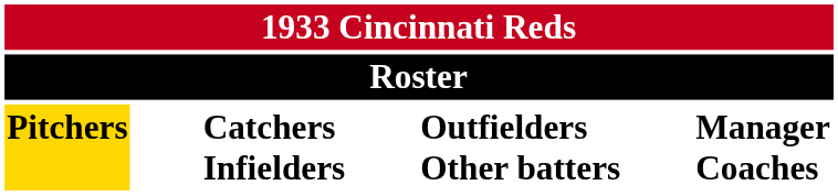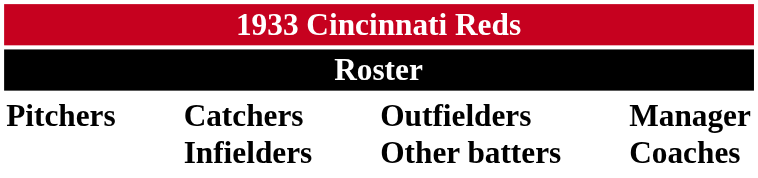 <table class="toccolours" style="font-size: 95%;">
 <tr>
 <th colspan="10" style="background-color: #c6011f; color: white; text-align: center;">1933 Cincinnati Reds</th>
 </tr>
 <tr>
 <td colspan="10" style="background-color: black; color: white; text-align: center;"><strong>Roster</strong></td>
 </tr>
 <tr>
-<td valign="top" style="background: gold;"><strong>Pitchers</strong><br>         </td>
+<td valign="top"><strong>Pitchers</strong><br>         </td>
 <td width="25px"></td>
 <td valign="top"><strong>Catchers</strong><br>    <strong>Infielders</strong>         </td>
 <td width="25px"></td>
 <td valign="top"><strong>Outfielders</strong><br>    <strong>Other batters</strong> </td>
 <td width="25px"></td>
 <td valign="top"><strong>Manager</strong><br> <strong>Coaches</strong> </td>
 </tr>
 </table>
